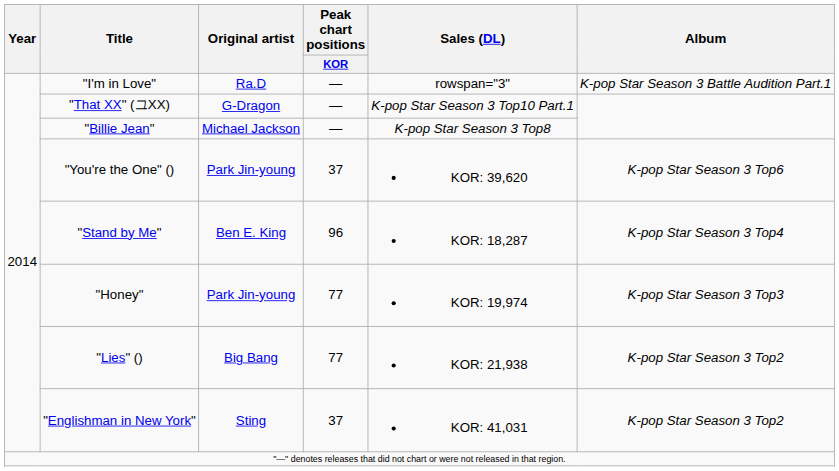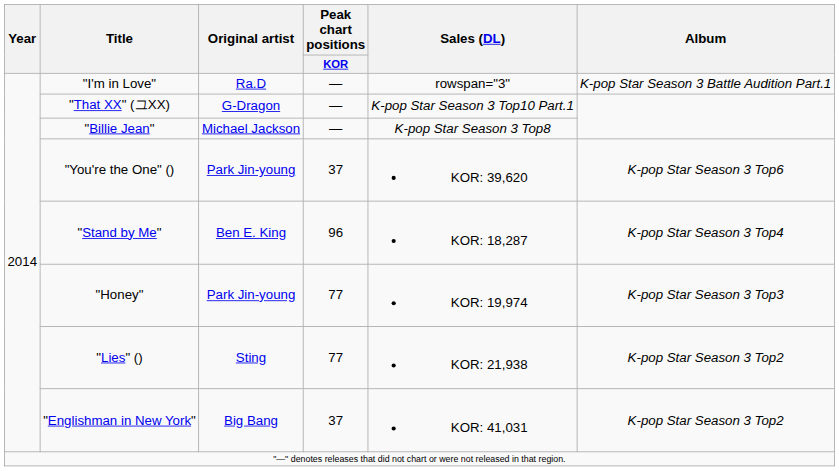 <table class="wikitable" style="text-align:center;">
 <tr>
 <th rowspan="2">Year</th>
 <th rowspan="2">Title</th>
 <th rowspan="2">Original artist</th>
 <th>Peak chart positions</th>
 <th rowspan="2">Sales (<a href='#'>DL</a>)</th>
 <th rowspan="2">Album</th>
 </tr>
 <tr>
 <th style="width:3em;font-size:85%;"><a href='#'>KOR</a><br></th>
 </tr>
 <tr>
 <td rowspan="8">2014</td>
 <td>"I'm in Love"</td>
 <td><a href='#'>Ra.D</a></td>
 <td>—</td>
 <td>rowspan="3" </td>
 <td><em>K-pop Star Season 3 Battle Audition Part.1</em></td>
 </tr>
 <tr>
 <td>"<a href='#'>That XX</a>" (그XX)</td>
 <td><a href='#'>G-Dragon</a></td>
 <td>—</td>
 <td><em>K-pop Star Season 3 Top10 Part.1</em></td>
 </tr>
 <tr>
 <td>"<a href='#'>Billie Jean</a>"</td>
 <td><a href='#'>Michael Jackson</a></td>
 <td>—</td>
 <td><em>K-pop Star Season 3 Top8</em></td>
 </tr>
 <tr>
 <td>"You're the One" ()</td>
 <td><a href='#'>Park Jin-young</a></td>
 <td>37</td>
 <td><br><ul><li>KOR: 39,620</li></ul></td>
 <td><em>K-pop Star Season 3 Top6</em></td>
 </tr>
 <tr>
 <td>"<a href='#'>Stand by Me</a>"</td>
 <td><a href='#'>Ben E. King</a></td>
 <td>96</td>
 <td><br><ul><li>KOR: 18,287</li></ul></td>
 <td><em>K-pop Star Season 3 Top4</em></td>
 </tr>
 <tr>
 <td>"Honey"</td>
 <td><a href='#'>Park Jin-young</a></td>
 <td>77</td>
 <td><br><ul><li>KOR: 19,974</li></ul></td>
 <td><em>K-pop Star Season 3 Top3</em></td>
 </tr>
 <tr>
 <td>"<a href='#'>Lies</a>" ()</td>
-<td><a href='#'>Big Bang</a></td>
+<td><a href='#'>Sting</a></td>
 <td>77</td>
 <td><br><ul><li>KOR: 21,938</li></ul></td>
 <td><em>K-pop Star Season 3 Top2</em></td>
 </tr>
 <tr>
 <td>"<a href='#'>Englishman in New York</a>"</td>
-<td><a href='#'>Sting</a></td>
+<td><a href='#'>Big Bang</a></td>
 <td>37</td>
 <td><br><ul><li>KOR: 41,031</li></ul></td>
 <td><em>K-pop Star Season 3 Top2</em></td>
 </tr>
 <tr>
 <td colspan="6" style="font-size:8pt;">"—" denotes releases that did not chart or were not released in that region.</td>
 </tr>
 </table>
